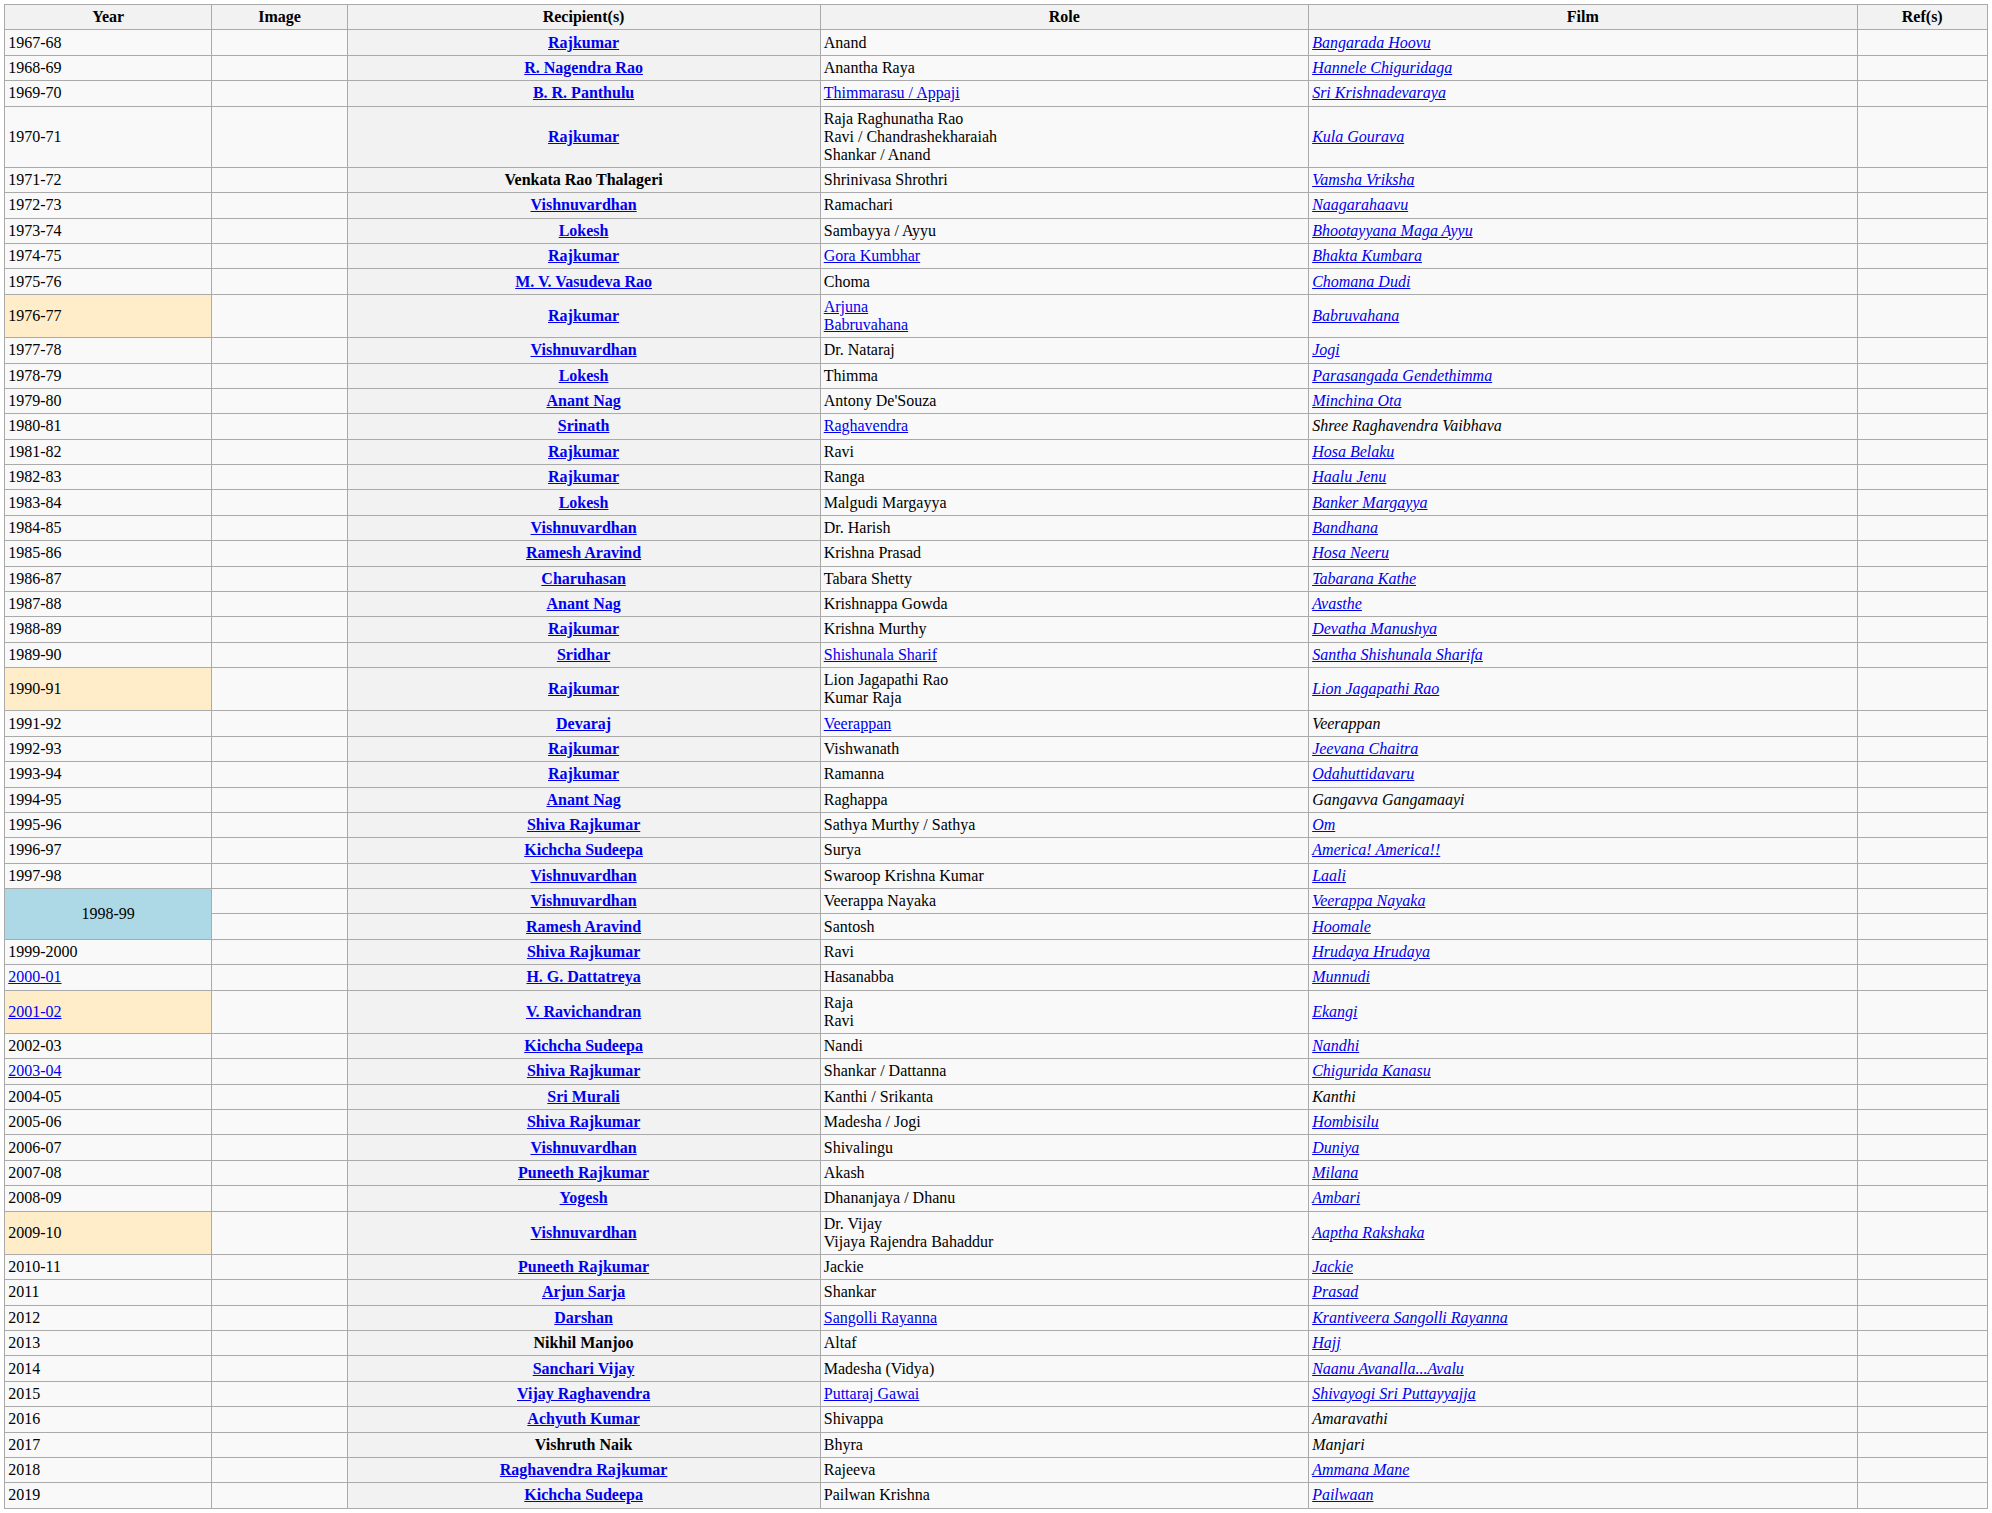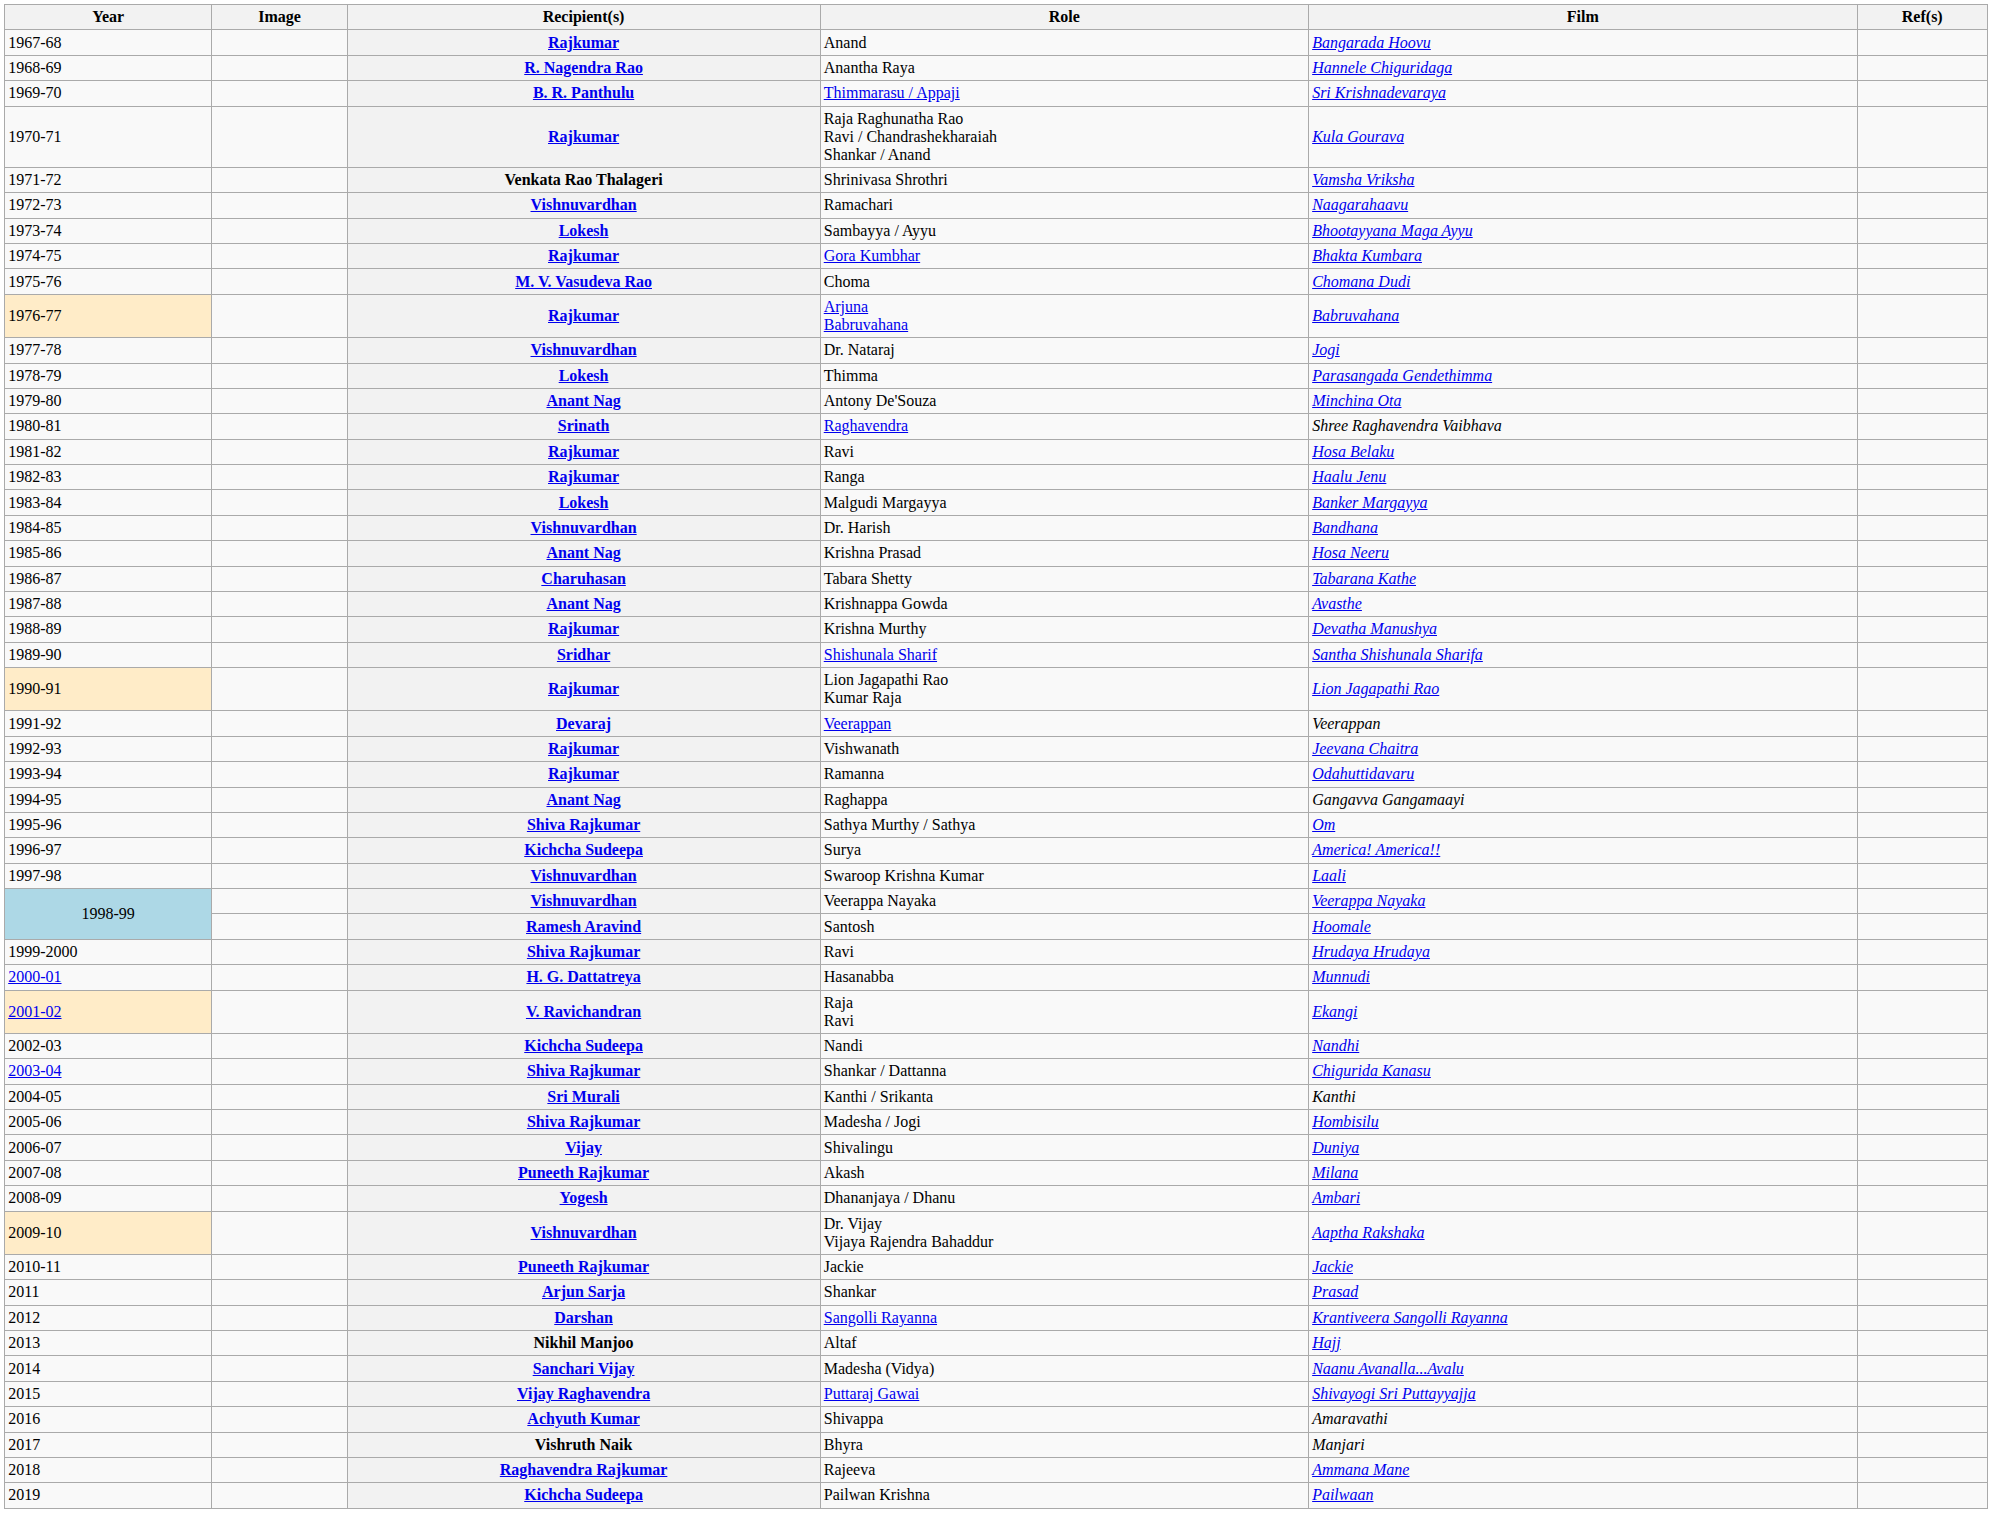 <table class="wikitable sortable" style="width:100%;">
 <tr>
 <th>Year</th>
 <th>Image</th>
 <th>Recipient(s)</th>
 <th>Role</th>
 <th>Film</th>
 <th>Ref(s)</th>
 </tr>
 <tr>
 <td>1967-68</td>
 <td></td>
 <th><a href='#'>Rajkumar</a></th>
 <td>Anand</td>
 <td><em><a href='#'>Bangarada Hoovu</a></em></td>
 <td></td>
 </tr>
 <tr>
 <td>1968-69</td>
 <td></td>
 <th><a href='#'>R. Nagendra Rao</a></th>
 <td>Anantha Raya</td>
 <td><em><a href='#'>Hannele Chiguridaga</a></em></td>
 <td></td>
 </tr>
 <tr>
 <td>1969-70</td>
 <td></td>
 <th><a href='#'>B. R. Panthulu</a></th>
 <td><a href='#'>Thimmarasu / Appaji</a></td>
 <td><em><a href='#'>Sri Krishnadevaraya</a></em></td>
 <td></td>
 </tr>
 <tr>
 <td>1970-71</td>
 <td></td>
 <th><a href='#'>Rajkumar</a></th>
 <td>Raja Raghunatha Rao<br>Ravi / Chandrashekharaiah<br>Shankar / Anand</td>
 <td><em><a href='#'>Kula Gourava</a></em></td>
 <td></td>
 </tr>
 <tr>
 <td>1971-72</td>
 <td></td>
 <th>Venkata Rao Thalageri</th>
 <td>Shrinivasa Shrothri</td>
 <td><em><a href='#'>Vamsha Vriksha</a></em></td>
 <td></td>
 </tr>
 <tr>
 <td>1972-73</td>
 <td></td>
 <th><a href='#'>Vishnuvardhan</a></th>
 <td>Ramachari</td>
 <td><em><a href='#'>Naagarahaavu</a></em></td>
 <td></td>
 </tr>
 <tr>
 <td>1973-74</td>
 <td></td>
 <th><a href='#'>Lokesh</a></th>
 <td>Sambayya / Ayyu</td>
 <td><em><a href='#'>Bhootayyana Maga Ayyu</a></em></td>
 <td></td>
 </tr>
 <tr>
 <td>1974-75</td>
 <td></td>
 <th><a href='#'>Rajkumar</a></th>
 <td><a href='#'>Gora Kumbhar</a></td>
 <td><em><a href='#'>Bhakta Kumbara</a></em></td>
 <td></td>
 </tr>
 <tr>
 <td>1975-76</td>
 <td></td>
 <th><a href='#'>M. V. Vasudeva Rao</a></th>
 <td>Choma</td>
 <td><em><a href='#'>Chomana Dudi</a></em></td>
 <td></td>
 </tr>
 <tr>
 <td style="background:#ffecc8;">1976-77 </td>
 <td></td>
 <th><a href='#'>Rajkumar</a></th>
 <td><a href='#'>Arjuna</a><br><a href='#'>Babruvahana</a></td>
 <td><em><a href='#'>Babruvahana</a></em></td>
 <td></td>
 </tr>
 <tr>
 <td>1977-78</td>
 <td></td>
 <th><a href='#'>Vishnuvardhan</a></th>
 <td>Dr. Nataraj</td>
 <td><em><a href='#'>Jogi</a></em></td>
 <td></td>
 </tr>
 <tr>
 <td>1978-79</td>
 <td></td>
 <th><a href='#'>Lokesh</a></th>
 <td>Thimma</td>
 <td><em><a href='#'>Parasangada Gendethimma</a></em></td>
 <td></td>
 </tr>
 <tr>
 <td>1979-80</td>
 <td></td>
 <th><a href='#'>Anant Nag</a></th>
 <td>Antony De'Souza</td>
 <td><em><a href='#'>Minchina Ota</a></em></td>
 <td></td>
 </tr>
 <tr>
 <td>1980-81</td>
 <td></td>
 <th><a href='#'>Srinath</a></th>
 <td><a href='#'>Raghavendra</a></td>
 <td><em>Shree Raghavendra Vaibhava</em></td>
 <td></td>
 </tr>
 <tr>
 <td>1981-82</td>
 <td></td>
 <th><a href='#'>Rajkumar</a></th>
 <td>Ravi</td>
 <td><em><a href='#'>Hosa Belaku</a></em></td>
 <td></td>
 </tr>
 <tr>
 <td>1982-83</td>
 <td></td>
 <th><a href='#'>Rajkumar</a></th>
 <td>Ranga</td>
 <td><em><a href='#'>Haalu Jenu</a></em></td>
 <td></td>
 </tr>
 <tr>
 <td>1983-84</td>
 <td></td>
 <th><a href='#'>Lokesh</a></th>
 <td>Malgudi Margayya</td>
 <td><em><a href='#'>Banker Margayya</a></em></td>
 <td></td>
 </tr>
 <tr>
 <td>1984-85</td>
 <td></td>
 <th><a href='#'>Vishnuvardhan</a></th>
 <td>Dr. Harish</td>
 <td><em><a href='#'>Bandhana</a></em></td>
 <td></td>
 </tr>
 <tr>
 <td>1985-86</td>
 <td></td>
-<th><a href='#'>Ramesh Aravind</a></th>
+<th><a href='#'>Anant Nag</a></th>
 <td>Krishna Prasad</td>
 <td><em><a href='#'>Hosa Neeru</a></em></td>
 <td></td>
 </tr>
 <tr>
 <td>1986-87</td>
 <td></td>
 <th><a href='#'>Charuhasan</a></th>
 <td>Tabara Shetty</td>
 <td><em><a href='#'>Tabarana Kathe</a></em></td>
 <td></td>
 </tr>
 <tr>
 <td>1987-88</td>
 <td></td>
 <th><a href='#'>Anant Nag</a></th>
 <td>Krishnappa Gowda</td>
 <td><em><a href='#'>Avasthe</a></em></td>
 <td></td>
 </tr>
 <tr>
 <td>1988-89</td>
 <td></td>
 <th><a href='#'>Rajkumar</a></th>
 <td>Krishna Murthy</td>
 <td><em><a href='#'>Devatha Manushya</a></em></td>
 <td></td>
 </tr>
 <tr>
 <td>1989-90</td>
 <td></td>
 <th><a href='#'>Sridhar</a></th>
 <td><a href='#'>Shishunala Sharif</a></td>
 <td><em><a href='#'>Santha Shishunala Sharifa</a></em></td>
 <td></td>
 </tr>
 <tr>
 <td style="background:#ffecc8;">1990-91 </td>
 <td></td>
 <th><a href='#'>Rajkumar</a></th>
 <td>Lion Jagapathi Rao<br>Kumar Raja</td>
 <td><em><a href='#'>Lion Jagapathi Rao</a></em></td>
 <td></td>
 </tr>
 <tr>
 <td>1991-92</td>
 <td></td>
 <th><a href='#'>Devaraj</a></th>
 <td><a href='#'>Veerappan</a></td>
 <td><em>Veerappan</em></td>
 <td></td>
 </tr>
 <tr>
 <td>1992-93</td>
 <td></td>
 <th><a href='#'>Rajkumar</a></th>
 <td>Vishwanath</td>
 <td><em><a href='#'>Jeevana Chaitra</a></em></td>
 <td></td>
 </tr>
 <tr>
 <td>1993-94</td>
 <td></td>
 <th><a href='#'>Rajkumar</a></th>
 <td>Ramanna</td>
 <td><em><a href='#'>Odahuttidavaru</a></em></td>
 <td></td>
 </tr>
 <tr>
 <td>1994-95</td>
 <td></td>
 <th><a href='#'>Anant Nag</a></th>
 <td>Raghappa</td>
 <td><em>Gangavva Gangamaayi</em></td>
 <td></td>
 </tr>
 <tr>
 <td>1995-96</td>
 <td></td>
 <th><a href='#'>Shiva Rajkumar</a></th>
 <td>Sathya Murthy / Sathya</td>
 <td><em><a href='#'>Om</a></em></td>
 <td></td>
 </tr>
 <tr>
 <td>1996-97</td>
 <td></td>
 <th><a href='#'>Kichcha Sudeepa</a></th>
 <td>Surya</td>
 <td><em><a href='#'>America! America!!</a></em></td>
 <td></td>
 </tr>
 <tr>
 <td>1997-98</td>
 <td></td>
 <th><a href='#'>Vishnuvardhan</a></th>
 <td>Swaroop Krishna Kumar</td>
 <td><em><a href='#'>Laali</a></em></td>
 <td></td>
 </tr>
 <tr>
 <td style="background:#add8e6; text-align:center;"rowspan="2">1998-99 </td>
 <td></td>
 <th><a href='#'>Vishnuvardhan</a></th>
 <td>Veerappa Nayaka</td>
 <td><em><a href='#'>Veerappa Nayaka</a></em></td>
 <td></td>
 </tr>
 <tr>
 <td></td>
 <th><a href='#'>Ramesh Aravind</a></th>
 <td>Santosh</td>
 <td><em><a href='#'>Hoomale</a></em></td>
 <td></td>
 </tr>
 <tr>
 <td>1999-2000</td>
 <td></td>
 <th><a href='#'>Shiva Rajkumar</a></th>
 <td>Ravi</td>
 <td><em><a href='#'>Hrudaya Hrudaya</a></em></td>
 <td></td>
 </tr>
 <tr>
 <td><a href='#'>2000-01</a></td>
 <td></td>
 <th><a href='#'>H. G. Dattatreya</a></th>
 <td>Hasanabba</td>
 <td><em><a href='#'>Munnudi</a></em></td>
 <td></td>
 </tr>
 <tr>
 <td style="background:#ffecc8;"><a href='#'>2001-02</a> </td>
 <td></td>
 <th><a href='#'>V. Ravichandran</a></th>
 <td>Raja<br>Ravi</td>
 <td><em><a href='#'>Ekangi</a></em></td>
 <td></td>
 </tr>
 <tr>
 <td>2002-03</td>
 <td></td>
 <th><a href='#'>Kichcha Sudeepa</a></th>
 <td>Nandi</td>
 <td><em><a href='#'>Nandhi</a></em></td>
 <td></td>
 </tr>
 <tr>
 <td><a href='#'>2003-04</a></td>
 <td></td>
 <th><a href='#'>Shiva Rajkumar</a></th>
 <td>Shankar / Dattanna</td>
 <td><em><a href='#'>Chigurida Kanasu</a></em></td>
 <td></td>
 </tr>
 <tr>
 <td>2004-05</td>
 <td></td>
 <th><a href='#'>Sri Murali</a></th>
 <td>Kanthi / Srikanta</td>
 <td><em>Kanthi</em></td>
 <td></td>
 </tr>
 <tr>
 <td>2005-06</td>
 <td></td>
 <th><a href='#'>Shiva Rajkumar</a></th>
 <td>Madesha / Jogi</td>
 <td><em><a href='#'>Hombisilu</a></em></td>
 <td></td>
 </tr>
 <tr>
 <td>2006-07</td>
 <td></td>
-<th><a href='#'>Vishnuvardhan</a><br></th>
+<th><a href='#'>Vijay</a></th>
 <td>Shivalingu</td>
 <td><em><a href='#'>Duniya</a></em></td>
 <td></td>
 </tr>
 <tr>
 <td>2007-08</td>
 <td></td>
 <th><a href='#'>Puneeth Rajkumar</a></th>
 <td>Akash</td>
 <td><em><a href='#'>Milana</a></em></td>
 <td></td>
 </tr>
 <tr>
 <td>2008-09</td>
 <td></td>
 <th><a href='#'>Yogesh</a></th>
 <td>Dhananjaya / Dhanu</td>
 <td><em><a href='#'>Ambari</a></em></td>
 <td></td>
 </tr>
 <tr>
 <td style="background:#ffecc8;">2009-10 </td>
 <td></td>
 <th><a href='#'>Vishnuvardhan</a><br></th>
 <td>Dr. Vijay<br>Vijaya Rajendra Bahaddur</td>
 <td><em><a href='#'>Aaptha Rakshaka</a></em></td>
 <td></td>
 </tr>
 <tr>
 <td>2010-11</td>
 <td></td>
 <th><a href='#'>Puneeth Rajkumar</a></th>
 <td>Jackie</td>
 <td><em><a href='#'>Jackie</a></em></td>
 <td></td>
 </tr>
 <tr>
 <td>2011</td>
 <td></td>
 <th><a href='#'>Arjun Sarja</a></th>
 <td>Shankar</td>
 <td><em><a href='#'>Prasad</a></em></td>
 <td></td>
 </tr>
 <tr>
 <td>2012</td>
 <td></td>
 <th><a href='#'>Darshan</a></th>
 <td><a href='#'>Sangolli Rayanna</a></td>
 <td><em><a href='#'>Krantiveera Sangolli Rayanna</a></em></td>
 <td></td>
 </tr>
 <tr>
 <td>2013</td>
 <td></td>
 <th>Nikhil Manjoo</th>
 <td>Altaf</td>
 <td><em><a href='#'>Hajj</a></em></td>
 <td></td>
 </tr>
 <tr>
 <td>2014</td>
 <td></td>
 <th><a href='#'>Sanchari Vijay</a></th>
 <td>Madesha (Vidya)</td>
 <td><em><a href='#'>Naanu Avanalla...Avalu</a></em></td>
 <td></td>
 </tr>
 <tr>
 <td>2015</td>
 <td></td>
 <th><a href='#'>Vijay Raghavendra</a></th>
 <td><a href='#'>Puttaraj Gawai</a></td>
 <td><em><a href='#'>Shivayogi Sri Puttayyajja</a></em></td>
 <td></td>
 </tr>
 <tr>
 <td>2016</td>
 <td></td>
 <th><a href='#'>Achyuth Kumar</a></th>
 <td>Shivappa</td>
 <td><em>Amaravathi</em></td>
 <td></td>
 </tr>
 <tr>
 <td>2017</td>
 <td></td>
 <th>Vishruth Naik</th>
 <td>Bhyra</td>
 <td><em>Manjari</em></td>
 <td></td>
 </tr>
 <tr>
 <td>2018</td>
 <td></td>
 <th><a href='#'>Raghavendra Rajkumar</a></th>
 <td>Rajeeva</td>
 <td><em><a href='#'>Ammana Mane</a></em></td>
 <td></td>
 </tr>
 <tr>
 <td>2019</td>
 <td></td>
 <th><a href='#'>Kichcha Sudeepa</a></th>
 <td>Pailwan Krishna</td>
 <td><em><a href='#'>Pailwaan</a></em></td>
 <td></td>
 </tr>
 </table>
